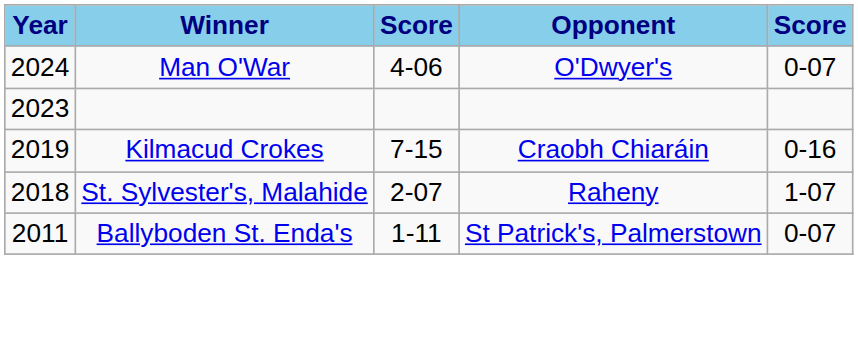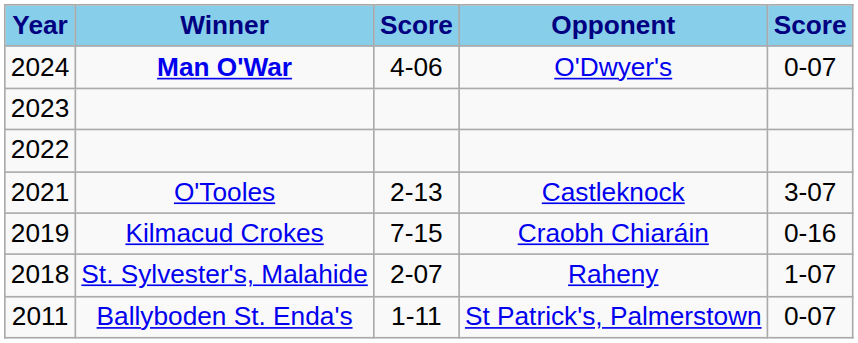 <table class="wikitable" style="text-align:center;">
 <tr>
 <th style="background:skyblue;color:navy;">Year</th>
 <th style="background:skyblue;color:navy;">Winner</th>
 <th style="background:skyblue;color:navy;">Score</th>
 <th style="background:skyblue;color:navy;">Opponent</th>
 <th style="background:skyblue;color:navy;">Score</th>
 </tr>
 <tr>
 <td>2024</td>
-<td><a href='#'>Man O'War</a></td>
+<td><strong><a href='#'>Man O'War</a></strong></td>
 <td>4-06</td>
 <td><a href='#'>O'Dwyer's</a></td>
 <td>0-07</td>
 </tr>
 <tr>
 <td>2023</td>
 <td></td>
 <td></td>
 <td></td>
 <td></td>
+</tr>
+<tr>
+<td>2022</td>
+<td></td>
+<td></td>
+<td></td>
+<td></td>
+</tr>
+<tr>
+<td>2021</td>
+<td><a href='#'>O'Tooles</a></td>
+<td>2-13</td>
+<td><a href='#'>Castleknock</a></td>
+<td>3-07</td>
 </tr>
 <tr>
 <td>2019</td>
 <td><a href='#'>Kilmacud Crokes</a></td>
 <td>7-15</td>
 <td><a href='#'>Craobh Chiaráin</a></td>
 <td>0-16</td>
 </tr>
 <tr>
 <td>2018</td>
 <td><a href='#'>St. Sylvester's, Malahide</a></td>
 <td>2-07</td>
 <td><a href='#'>Raheny</a></td>
 <td>1-07</td>
 </tr>
 <tr>
 <td>2011</td>
 <td><a href='#'>Ballyboden St. Enda's</a></td>
 <td>1-11</td>
 <td><a href='#'>St Patrick's, Palmerstown</a></td>
 <td>0-07</td>
 </tr>
 </table>
